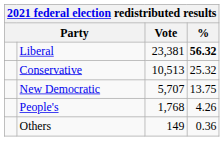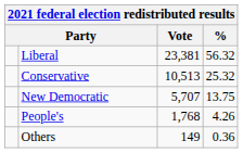 <table class="wikitable">
 <tr>
 <th colspan="4"><a href='#'>2021 federal election</a> redistributed results</th>
 </tr>
 <tr>
 <th bgcolor="#DDDDFF" width="130px" colspan="2">Party</th>
 <th bgcolor="#DDDDFF" width="50px">Vote</th>
 <th bgcolor="#DDDDFF" width="30px">%</th>
 </tr>
 <tr>
 <td> </td>
 <td><a href='#'>Liberal</a></td>
 <td align=right>23,381</td>
-<td align=right><strong>56.32</strong></td>
+<td align=right>56.32</td>
 </tr>
 <tr>
 <td> </td>
 <td><a href='#'>Conservative</a></td>
 <td align=right>10,513</td>
 <td align=right>25.32</td>
 </tr>
 <tr>
 <td> </td>
 <td><a href='#'>New Democratic</a></td>
 <td align=right>5,707</td>
 <td align=right>13.75</td>
 </tr>
 <tr>
 <td> </td>
 <td><a href='#'>People's</a></td>
 <td align=right>1,768</td>
 <td align=right>4.26</td>
 </tr>
 <tr>
 <td> </td>
 <td>Others</td>
 <td align=right>149</td>
 <td align=right>0.36</td>
 </tr>
 </table>
